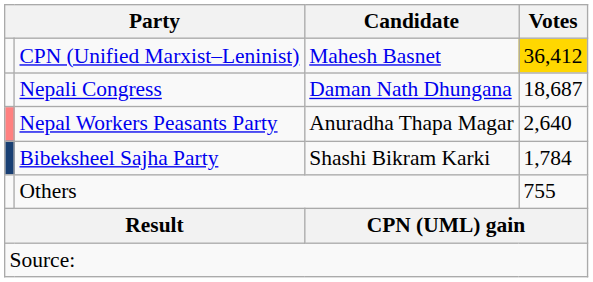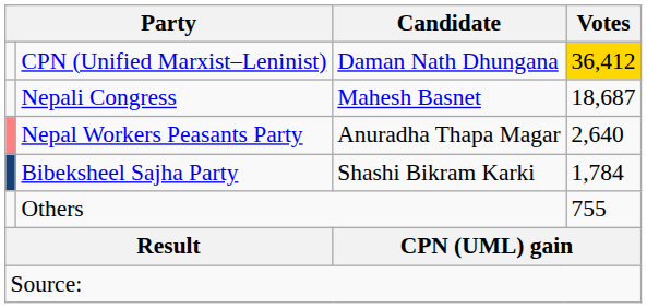 <table class="wikitable">
 <tr>
 <th colspan="2">Party</th>
 <th>Candidate</th>
 <th>Votes</th>
 </tr>
 <tr>
 <td style="background-color:"></td>
 <td><a href='#'>CPN (Unified Marxist–Leninist)</a></td>
-<td><a href='#'>Mahesh Basnet</a></td>
+<td><a href='#'>Daman Nath Dhungana</a></td>
 <td style="background: gold;">36,412</td>
 </tr>
 <tr>
 <td style="background-color:"></td>
 <td><a href='#'>Nepali Congress</a></td>
-<td><a href='#'>Daman Nath Dhungana</a></td>
+<td><a href='#'>Mahesh Basnet</a></td>
 <td>18,687</td>
 </tr>
 <tr>
 <td style="background-color:#FF8080"></td>
 <td><a href='#'>Nepal Workers Peasants Party</a></td>
 <td>Anuradha Thapa Magar</td>
 <td>2,640</td>
 </tr>
 <tr>
 <td style="background-color:#183F73"></td>
 <td><a href='#'>Bibeksheel Sajha Party</a></td>
 <td>Shashi Bikram Karki</td>
 <td>1,784</td>
 </tr>
 <tr>
 <td></td>
 <td colspan="2">Others</td>
 <td>755</td>
 </tr>
 <tr>
 <th colspan="2">Result</th>
 <th colspan="2">CPN (UML) gain</th>
 </tr>
 <tr>
 <td colspan="4">Source: </td>
 </tr>
 </table>
